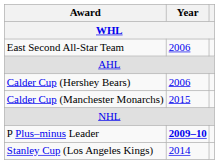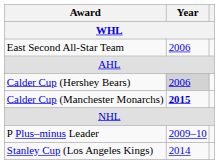 <table class="wikitable">
 <tr>
 <th>Award</th>
 <th>Year</th>
 <th></th>
 </tr>
 <tr>
 <th colspan="3"><a href='#'>WHL</a></th>
 </tr>
 <tr>
 <td>East Second All-Star Team</td>
 <td><a href='#'>2006</a></td>
 <td></td>
 </tr>
 <tr ALIGN="center" bgcolor="#e0e0e0">
 <td colspan="3"><a href='#'>AHL</a></td>
 </tr>
 <tr>
 <td><a href='#'>Calder Cup</a>  (Hershey Bears)</td>
-<td><a href='#'>2006</a></td>
+<td style="background: lightgrey;"><a href='#'>2006</a></td>
 <td></td>
 </tr>
 <tr>
 <td><a href='#'>Calder Cup</a> (Manchester Monarchs)</td>
-<td><a href='#'>2015</a></td>
+<td><strong><a href='#'>2015</a></strong></td>
 <td></td>
 </tr>
 <tr ALIGN="center" bgcolor="#e0e0e0">
 <td colspan="3"><a href='#'>NHL</a></td>
 </tr>
 <tr>
 <td>P <a href='#'>Plus–minus</a> Leader</td>
-<td><strong><a href='#'>2009–10</a></strong></td>
+<td><a href='#'>2009–10</a></td>
 <td></td>
 </tr>
 <tr>
 <td><a href='#'>Stanley Cup</a> (Los Angeles Kings)</td>
 <td><a href='#'>2014</a></td>
 <td></td>
 </tr>
 </table>
